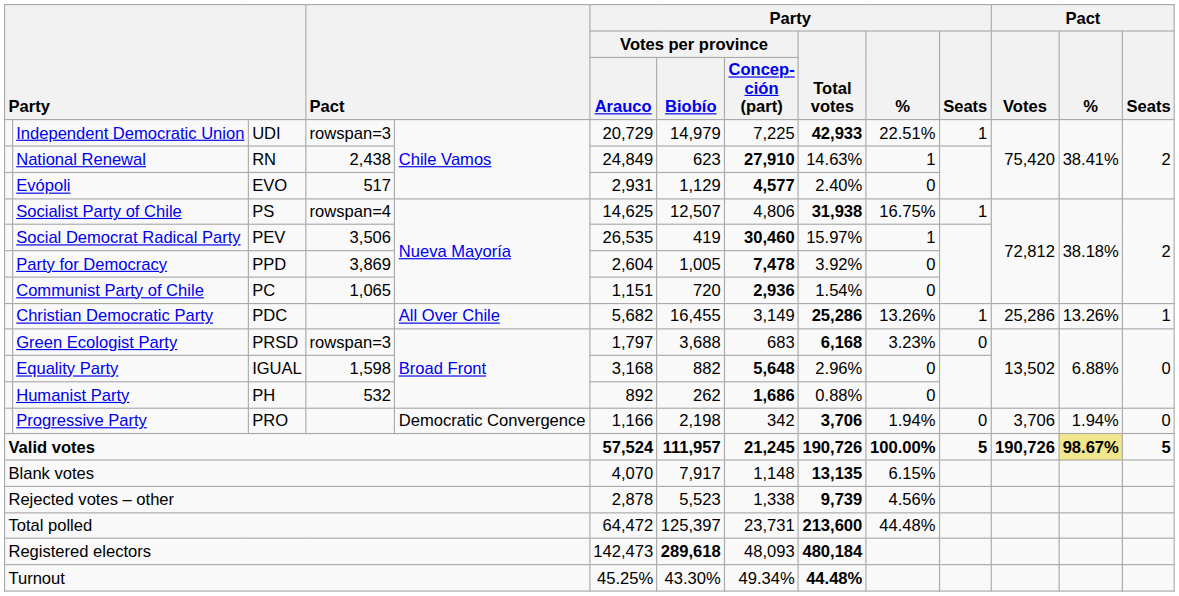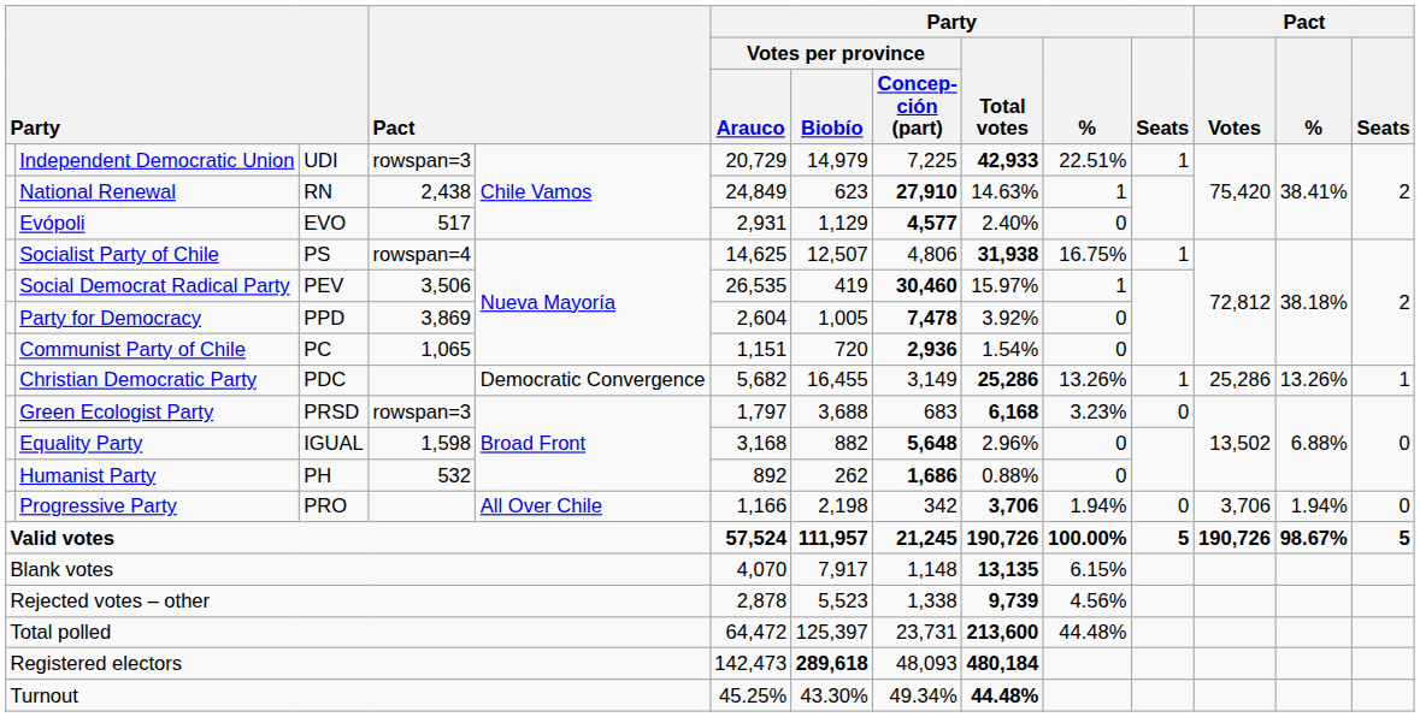 <table class="wikitable" border="1" style="font-size:90%; text-align:right; white-space: nowrap;">
 <tr>
 <th style="text-align:left;" valign=bottom rowspan=3 colspan=3>Party</th>
 <th style="text-align:left;" valign=bottom rowspan=3 colspan=2>Pact</th>
 <th colspan=6>Party</th>
 <th colspan=3>Pact</th>
 </tr>
 <tr>
 <th colspan=3>Votes per province</th>
 <th align=center valign=bottom rowspan=2 width="40">Total<br>votes</th>
 <th align=center valign=bottom rowspan=2 width="40">%</th>
 <th align=center valign=bottom rowspan=2>Seats</th>
 <th align=center valign=bottom rowspan=2 width="40">Votes</th>
 <th align=center valign=bottom rowspan=2 width="40">%</th>
 <th align=center valign=bottom rowspan=2>Seats</th>
 </tr>
 <tr>
 <th align=center valign=bottom width="40"><a href='#'>Arauco</a></th>
 <th align=center valign=bottom width="40"><a href='#'>Biobío</a></th>
 <th align=center valign=bottom width="40"><a href='#'>Concep-<br>ción</a><br>(part)</th>
 </tr>
 <tr>
 <td></td>
 <td align=left><a href='#'>Independent Democratic Union</a></td>
 <td align=left>UDI</td>
 <td>rowspan=3 </td>
 <td rowspan=3 align=left><a href='#'>Chile Vamos</a></td>
 <td>20,729</td>
 <td>14,979</td>
 <td>7,225</td>
 <td><strong>42,933</strong></td>
 <td>22.51%</td>
 <td>1</td>
 <td rowspan=3>75,420</td>
 <td rowspan=3>38.41%</td>
 <td rowspan=3>2</td>
 </tr>
 <tr>
 <td></td>
 <td align=left><a href='#'>National Renewal</a></td>
 <td align=left>RN</td>
 <td>2,438</td>
 <td>24,849</td>
 <td>623</td>
 <td><strong>27,910</strong></td>
 <td>14.63%</td>
 <td>1</td>
 </tr>
 <tr>
 <td></td>
 <td align=left><a href='#'>Evópoli</a></td>
 <td align=left>EVO</td>
 <td>517</td>
 <td>2,931</td>
 <td>1,129</td>
 <td><strong>4,577</strong></td>
 <td>2.40%</td>
 <td>0</td>
 </tr>
 <tr>
 <td></td>
 <td align=left><a href='#'>Socialist Party of Chile</a></td>
 <td align=left>PS</td>
 <td>rowspan=4 </td>
 <td rowspan=4 align=left><a href='#'>Nueva Mayoría</a></td>
 <td>14,625</td>
 <td>12,507</td>
 <td>4,806</td>
 <td><strong>31,938</strong></td>
 <td>16.75%</td>
 <td>1</td>
 <td rowspan=4>72,812</td>
 <td rowspan=4>38.18%</td>
 <td rowspan=4>2</td>
 </tr>
 <tr>
 <td></td>
 <td align=left><a href='#'>Social Democrat Radical Party</a></td>
 <td align=left>PEV</td>
 <td>3,506</td>
 <td>26,535</td>
 <td>419</td>
 <td><strong>30,460</strong></td>
 <td>15.97%</td>
 <td>1</td>
 </tr>
 <tr>
 <td></td>
 <td align=left><a href='#'>Party for Democracy</a></td>
 <td align=left>PPD</td>
 <td>3,869</td>
 <td>2,604</td>
 <td>1,005</td>
 <td><strong>7,478</strong></td>
 <td>3.92%</td>
 <td>0</td>
 </tr>
 <tr>
 <td></td>
 <td align=left><a href='#'>Communist Party of Chile</a></td>
 <td align=left>PC</td>
 <td>1,065</td>
 <td>1,151</td>
 <td>720</td>
 <td><strong>2,936</strong></td>
 <td>1.54%</td>
 <td>0</td>
 </tr>
 <tr>
 <td></td>
 <td align=left><a href='#'>Christian Democratic Party</a></td>
 <td align=left>PDC</td>
 <td></td>
-<td align=left><a href='#'>All Over Chile</a></td>
+<td align=left>Democratic Convergence</td>
 <td>5,682</td>
 <td>16,455</td>
 <td>3,149</td>
 <td><strong>25,286</strong></td>
 <td>13.26%</td>
 <td>1</td>
 <td>25,286</td>
 <td>13.26%</td>
 <td>1</td>
 </tr>
 <tr>
 <td></td>
 <td align=left><a href='#'>Green Ecologist Party</a></td>
 <td align=left>PRSD</td>
 <td>rowspan=3 </td>
 <td rowspan=3 align=left><a href='#'>Broad Front</a></td>
 <td>1,797</td>
 <td>3,688</td>
 <td>683</td>
 <td><strong>6,168</strong></td>
 <td>3.23%</td>
 <td>0</td>
 <td rowspan=3>13,502</td>
 <td rowspan=3>6.88%</td>
 <td rowspan=3>0</td>
 </tr>
 <tr>
 <td></td>
 <td align=left><a href='#'>Equality Party</a></td>
 <td align=left>IGUAL</td>
 <td>1,598</td>
 <td>3,168</td>
 <td>882</td>
 <td><strong>5,648</strong></td>
 <td>2.96%</td>
 <td>0</td>
 </tr>
 <tr>
 <td></td>
 <td align=left><a href='#'>Humanist Party</a></td>
 <td align=left>PH</td>
 <td>532</td>
 <td>892</td>
 <td>262</td>
 <td><strong>1,686</strong></td>
 <td>0.88%</td>
 <td>0</td>
 </tr>
 <tr>
 <td></td>
 <td align=left><a href='#'>Progressive Party</a></td>
 <td align=left>PRO</td>
 <td></td>
-<td align=left>Democratic Convergence</td>
+<td align=left><a href='#'>All Over Chile</a></td>
 <td>1,166</td>
 <td>2,198</td>
 <td>342</td>
 <td><strong>3,706</strong></td>
 <td>1.94%</td>
 <td>0</td>
 <td>3,706</td>
 <td>1.94%</td>
 <td>0</td>
 </tr>
 <tr style="font-weight:bold">
 <td align=left colspan=5>Valid votes</td>
 <td>57,524</td>
 <td>111,957</td>
 <td>21,245</td>
 <td>190,726</td>
 <td>100.00%</td>
 <td>5</td>
 <td>190,726</td>
-<td style="background: khaki;">98.67%</td>
+<td>98.67%</td>
 <td>5</td>
 </tr>
 <tr>
 <td align=left colspan=5>Blank votes</td>
 <td>4,070</td>
 <td>7,917</td>
 <td>1,148</td>
 <td><strong>13,135</strong></td>
 <td>6.15%</td>
 <td></td>
 <td></td>
 <td></td>
 <td></td>
 </tr>
 <tr>
 <td align=left colspan=5>Rejected votes – other</td>
 <td>2,878</td>
 <td>5,523</td>
 <td>1,338</td>
 <td><strong>9,739</strong></td>
 <td>4.56%</td>
 <td></td>
 <td></td>
 <td></td>
 <td></td>
 </tr>
 <tr>
 <td align=left colspan=5>Total polled</td>
 <td>64,472</td>
 <td>125,397</td>
 <td>23,731</td>
 <td><strong>213,600</strong></td>
 <td>44.48%</td>
 <td></td>
 <td></td>
 <td></td>
 <td></td>
 </tr>
 <tr>
 <td align=left colspan=5>Registered electors</td>
 <td>142,473</td>
 <td><strong>289,618</strong></td>
 <td>48,093</td>
 <td><strong>480,184</strong></td>
 <td></td>
 <td></td>
 <td></td>
 <td></td>
 <td></td>
 </tr>
 <tr>
 <td align=left colspan=5>Turnout</td>
 <td>45.25%</td>
 <td>43.30%</td>
 <td>49.34%</td>
 <td><strong>44.48%</strong></td>
 <td></td>
 <td></td>
 <td></td>
 <td></td>
 <td></td>
 </tr>
 </table>
